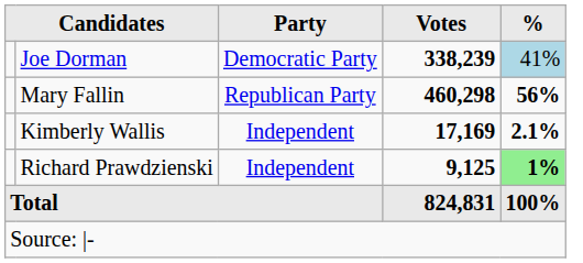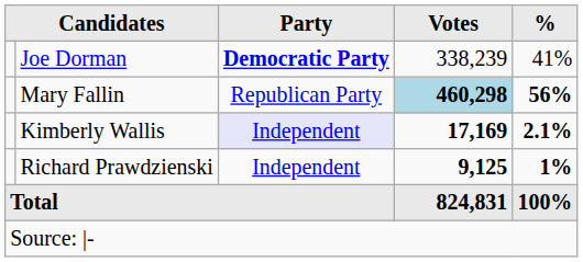 <table class=wikitable style="font-size:95%; text-align:right;">
 <tr>
 <th style="background:#e9e9e9; text-align:center;" colspan="2">Candidates</th>
 <th style="background:#e9e9e9; text-align:center;">Party</th>
 <th style="background:#e9e9e9; text-align:center;">Votes</th>
 <th style="background:#e9e9e9; text-align:center;">%</th>
 </tr>
 <tr>
 <td></td>
 <td align=left><a href='#'>Joe Dorman</a></td>
-<td align=center><a href='#'>Democratic Party</a></td>
-<td><strong>338,239</strong></td>
-<td style="background: lightblue;">41%</td>
+<td align=center><strong><a href='#'>Democratic Party</a></strong></td>
+<td>338,239</td>
+<td>41%</td>
 </tr>
 <tr>
 <td></td>
 <td align=left>Mary Fallin</td>
 <td align=center><a href='#'>Republican Party</a></td>
-<td><strong>460,298</strong></td>
+<td style="background: lightblue;"><strong>460,298</strong></td>
 <td><strong>56%</strong></td>
 </tr>
 <tr>
 <td></td>
 <td align=left>Kimberly Wallis</td>
-<td align=center><a href='#'>Independent</a></td>
+<td align=center style="background: lavender;"><a href='#'>Independent</a></td>
 <td><strong>17,169</strong></td>
 <td><strong>2.1%</strong></td>
 </tr>
 <tr>
 <td></td>
 <td align=left>Richard Prawdzienski</td>
 <td align=center><a href='#'>Independent</a></td>
 <td><strong>9,125</strong></td>
-<td style="background: lightgreen;"><strong>1%</strong></td>
+<td><strong>1%</strong></td>
 </tr>
 <tr style="background:#e9e9e9;">
 <td colspan="3" style="text-align:left; "><strong>Total</strong></td>
 <td style="text-align:right; width:75px; "><strong>824,831</strong></td>
 <td style="text-align:right; width:30px; "><strong>100%</strong></td>
 </tr>
 <tr>
 <td style="text-align:left;" colspan="6">Source:   |-</td>
 </tr>
 </table>
